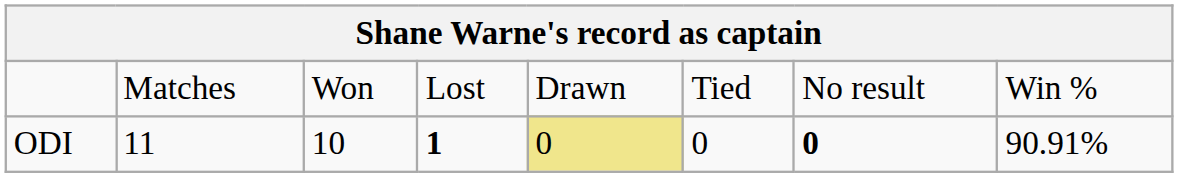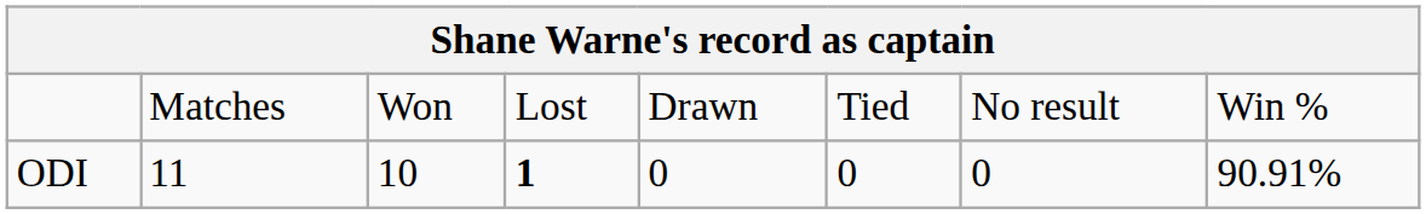 <table class="wikitable" style="float: right; margin-left: 1em; width: 40%; font-size: 90%;">
 <tr>
 <th colspan="8">Shane Warne's record as captain</th>
 </tr>
 <tr>
 <td> </td>
 <td>Matches</td>
 <td>Won</td>
 <td>Lost</td>
 <td>Drawn</td>
 <td>Tied</td>
 <td>No result</td>
 <td>Win %</td>
 </tr>
 <tr>
 <td>ODI</td>
 <td>11</td>
 <td>10</td>
 <td><strong>1</strong></td>
-<td style="background: khaki;">0</td>
 <td>0</td>
-<td><strong>0</strong></td>
+<td>0</td>
+<td>0</td>
 <td>90.91%</td>
 </tr>
 </table>
